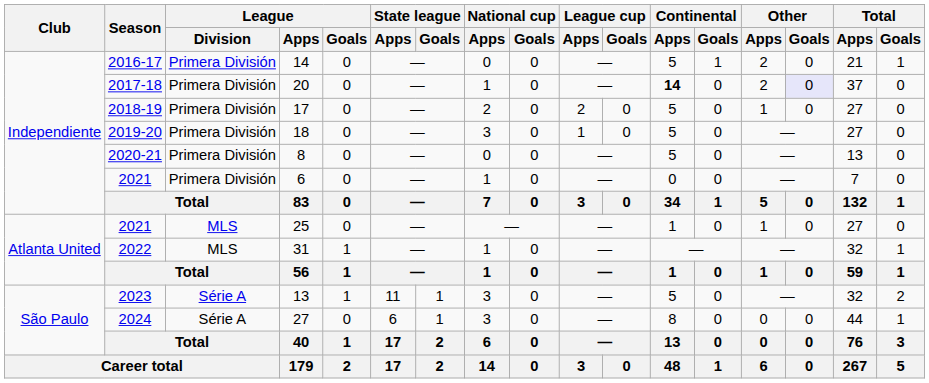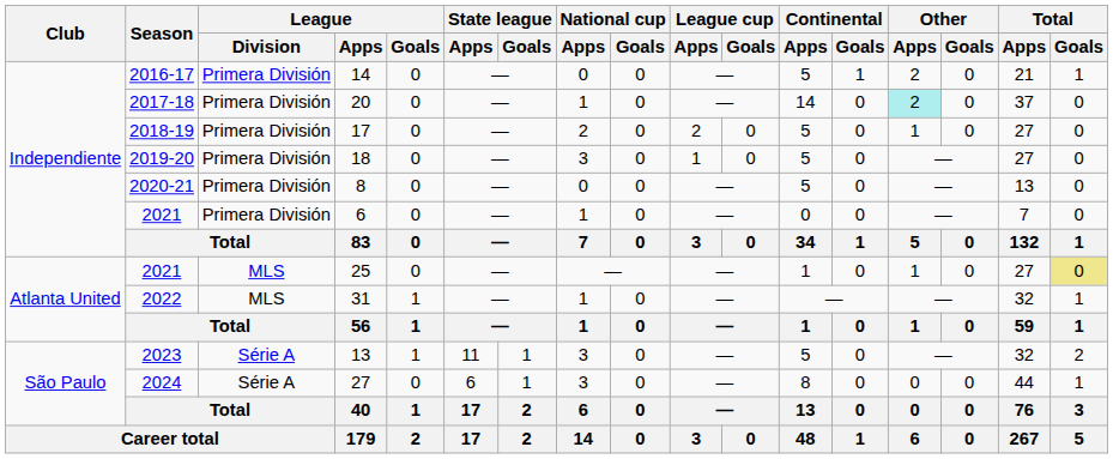 <table class="wikitable" style="text-align:center">
 <tr>
 <th rowspan="2">Club</th>
 <th rowspan="2">Season</th>
 <th colspan="3">League</th>
 <th colspan="2">State league</th>
 <th colspan="2">National cup</th>
 <th colspan="2">League cup</th>
 <th colspan="2">Continental</th>
 <th colspan="2">Other</th>
 <th colspan="2">Total</th>
 </tr>
 <tr>
 <th>Division</th>
 <th>Apps</th>
 <th>Goals</th>
 <th>Apps</th>
 <th>Goals</th>
 <th>Apps</th>
 <th>Goals</th>
 <th>Apps</th>
 <th>Goals</th>
 <th>Apps</th>
 <th>Goals</th>
 <th>Apps</th>
 <th>Goals</th>
 <th>Apps</th>
 <th>Goals</th>
 </tr>
 <tr>
 <td rowspan="7"><a href='#'>Independiente</a></td>
 <td><a href='#'>2016-17</a></td>
 <td><a href='#'>Primera División</a></td>
 <td>14</td>
 <td>0</td>
 <td colspan="2">—</td>
 <td>0</td>
 <td>0</td>
 <td colspan="2">—</td>
 <td>5</td>
 <td>1</td>
 <td>2</td>
 <td>0</td>
 <td>21</td>
 <td>1</td>
 </tr>
 <tr>
 <td><a href='#'>2017-18</a></td>
 <td>Primera División</td>
 <td>20</td>
 <td>0</td>
 <td colspan="2">—</td>
 <td>1</td>
 <td>0</td>
 <td colspan="2">—</td>
-<td><strong>14</strong></td>
+<td>14</td>
 <td>0</td>
-<td>2</td>
-<td style="background: lavender;">0</td>
+<td style="background: paleturquoise;">2</td>
+<td>0</td>
 <td>37</td>
 <td>0</td>
 </tr>
 <tr>
 <td><a href='#'>2018-19</a></td>
 <td>Primera División</td>
 <td>17</td>
 <td>0</td>
 <td colspan="2">—</td>
 <td>2</td>
 <td>0</td>
 <td>2</td>
 <td>0</td>
 <td>5</td>
 <td>0</td>
 <td>1</td>
 <td>0</td>
 <td>27</td>
 <td>0</td>
 </tr>
 <tr>
 <td><a href='#'>2019-20</a></td>
 <td>Primera División</td>
 <td>18</td>
 <td>0</td>
 <td colspan="2">—</td>
 <td>3</td>
 <td>0</td>
 <td>1</td>
 <td>0</td>
 <td>5</td>
 <td>0</td>
 <td colspan="2">—</td>
 <td>27</td>
 <td>0</td>
 </tr>
 <tr>
 <td><a href='#'>2020-21</a></td>
 <td>Primera División</td>
 <td>8</td>
 <td>0</td>
 <td colspan="2">—</td>
 <td>0</td>
 <td>0</td>
 <td colspan="2">—</td>
 <td>5</td>
 <td>0</td>
 <td colspan="2">—</td>
 <td>13</td>
 <td>0</td>
 </tr>
 <tr>
 <td><a href='#'>2021</a></td>
 <td>Primera División</td>
 <td>6</td>
 <td>0</td>
 <td colspan="2">—</td>
 <td>1</td>
 <td>0</td>
 <td colspan="2">—</td>
 <td>0</td>
 <td>0</td>
 <td colspan="2">—</td>
 <td>7</td>
 <td>0</td>
 </tr>
 <tr>
 <th colspan="2">Total</th>
 <th>83</th>
 <th>0</th>
 <th colspan="2">—</th>
 <th>7</th>
 <th>0</th>
 <th>3</th>
 <th>0</th>
 <th>34</th>
 <th>1</th>
 <th>5</th>
 <th>0</th>
 <th>132</th>
 <th>1</th>
 </tr>
 <tr>
 <td rowspan="3"><a href='#'>Atlanta United</a></td>
 <td><a href='#'>2021</a></td>
 <td><a href='#'>MLS</a></td>
 <td>25</td>
 <td>0</td>
 <td colspan="2">—</td>
 <td colspan="2">—</td>
 <td colspan="2">—</td>
 <td>1</td>
 <td>0</td>
 <td>1</td>
 <td>0</td>
 <td>27</td>
-<td>0</td>
+<td style="background: khaki;">0</td>
 </tr>
 <tr>
 <td><a href='#'>2022</a></td>
 <td>MLS</td>
 <td>31</td>
 <td>1</td>
 <td colspan="2">—</td>
 <td>1</td>
 <td>0</td>
 <td colspan="2">—</td>
 <td colspan="2">—</td>
 <td colspan="2">—</td>
 <td>32</td>
 <td>1</td>
 </tr>
 <tr>
 <th colspan="2">Total</th>
 <th>56</th>
 <th>1</th>
 <th colspan="2">—</th>
 <th>1</th>
 <th>0</th>
 <th colspan="2">—</th>
 <th>1</th>
 <th>0</th>
 <th>1</th>
 <th>0</th>
 <th>59</th>
 <th>1</th>
 </tr>
 <tr>
 <td rowspan="3"><a href='#'>São Paulo</a></td>
 <td><a href='#'>2023</a></td>
 <td><a href='#'>Série A</a></td>
 <td>13</td>
 <td>1</td>
 <td>11</td>
 <td>1</td>
 <td>3</td>
 <td>0</td>
 <td colspan="2">—</td>
 <td>5</td>
 <td>0</td>
 <td colspan="2">—</td>
 <td>32</td>
 <td>2</td>
 </tr>
 <tr>
 <td><a href='#'>2024</a></td>
 <td>Série A</td>
 <td>27</td>
 <td>0</td>
 <td>6</td>
 <td>1</td>
 <td>3</td>
 <td>0</td>
 <td colspan="2">—</td>
 <td>8</td>
 <td>0</td>
 <td>0</td>
 <td>0</td>
 <td>44</td>
 <td>1</td>
 </tr>
 <tr>
 <th colspan="2">Total</th>
 <th>40</th>
 <th>1</th>
 <th>17</th>
 <th>2</th>
 <th>6</th>
 <th>0</th>
 <th colspan="2">—</th>
 <th>13</th>
 <th>0</th>
 <th>0</th>
 <th>0</th>
 <th>76</th>
 <th>3</th>
 </tr>
 <tr>
 <th colspan="3">Career total</th>
 <th>179</th>
 <th>2</th>
 <th>17</th>
 <th>2</th>
 <th>14</th>
 <th>0</th>
 <th>3</th>
 <th>0</th>
 <th>48</th>
 <th>1</th>
 <th>6</th>
 <th>0</th>
 <th>267</th>
 <th>5</th>
 </tr>
 </table>
